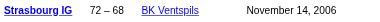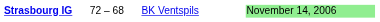 <table style="text-align:center">
 <tr>
 <th width=160></th>
 <th width=100></th>
 <th width=160></th>
 <th width=200></th>
 </tr>
 <tr>
 <td align=right><strong><a href='#'>Strasbourg IG</a></strong> </td>
 <td>72 – 68</td>
 <td align=left> <a href='#'>BK Ventspils</a></td>
-<td align=left>November 14, 2006</td>
+<td align=left style="background: lightgreen;">November 14, 2006</td>
 </tr>
 </table>
